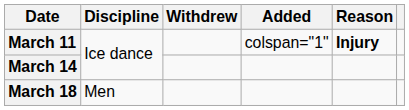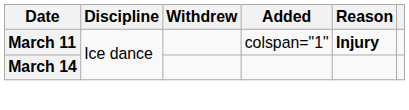 <table class="wikitable unsortable" style="text-align:left;">
 <tr>
 <th scope="col">Date</th>
 <th scope="col">Discipline</th>
 <th scope="col">Withdrew</th>
 <th scope="col">Added</th>
 <th scope="col">Reason</th>
 <th scope="col"></th>
 </tr>
 <tr>
 <th scope="row" style="text-align:left">March 11</th>
 <td rowspan=2>Ice dance</td>
 <td></td>
 <td>colspan="1" </td>
 <td><strong>Injury</strong></td>
 <td></td>
 </tr>
 <tr>
 <th scope="row" style="text-align:left">March 14</th>
 <td></td>
 <td></td>
 <td></td>
 <td></td>
 </tr>
-<tr>
-<th scope="row" style="text-align:left">March 18</th>
-<td>Men</td>
-<td></td>
-<td></td>
-<td></td>
-<td></td>
-</tr>
 </table>
